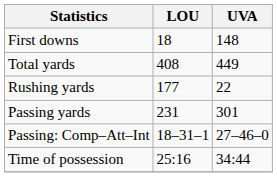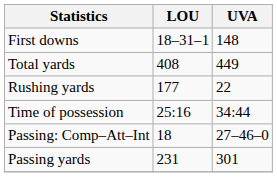 <table class="wikitable" style="float: left;">
 <tr>
 <th>Statistics</th>
 <th>LOU</th>
 <th>UVA</th>
 </tr>
 <tr>
 <td>First downs</td>
-<td>18</td>
+<td>18–31–1</td>
 <td>148</td>
 </tr>
 <tr>
 <td>Total yards</td>
 <td>408</td>
 <td>449</td>
 </tr>
 <tr>
 <td>Rushing yards</td>
 <td>177</td>
 <td>22</td>
 </tr>
 <tr>
+<td>Time of possession</td>
+<td>25:16</td>
+<td>34:44</td>
+</tr>
+<tr>
+<td>Passing: Comp–Att–Int</td>
+<td>18</td>
+<td>27–46–0</td>
+</tr>
+<tr>
 <td>Passing yards</td>
 <td>231</td>
 <td>301</td>
 </tr>
 <tr>
-<td>Passing: Comp–Att–Int</td>
-<td>18–31–1</td>
-<td>27–46–0</td>
-</tr>
-<tr>
-<td>Time of possession</td>
-<td>25:16</td>
-<td>34:44</td>
-</tr>
-<tr>
 </tr>
 </table>
